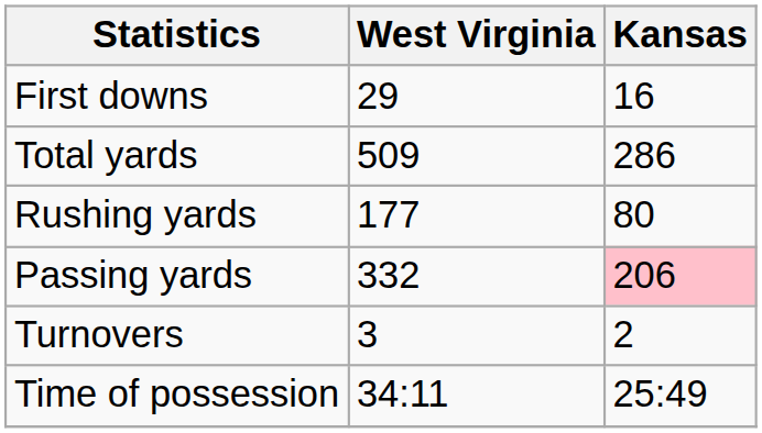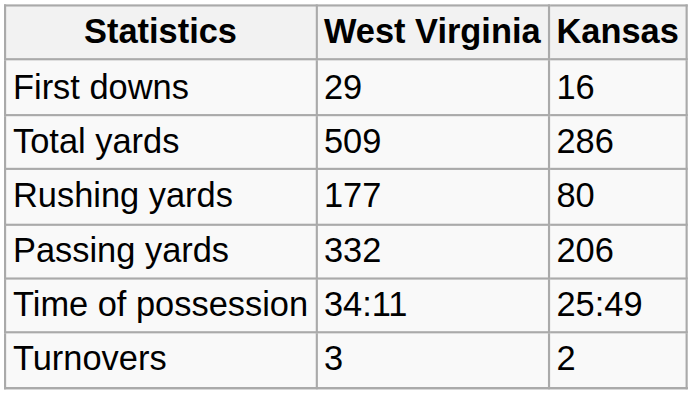 <table class="wikitable" style="float: left;">
 <tr>
 <th>Statistics</th>
 <th>West Virginia</th>
 <th>Kansas</th>
 </tr>
 <tr>
 <td>First downs</td>
 <td>29</td>
 <td>16</td>
 </tr>
 <tr>
 <td>Total yards</td>
 <td>509</td>
 <td>286</td>
 </tr>
 <tr>
 <td>Rushing yards</td>
 <td>177</td>
 <td>80</td>
 </tr>
 <tr>
 <td>Passing yards</td>
 <td>332</td>
-<td style="background: pink;">206</td>
+<td>206</td>
+</tr>
+<tr>
+<td>Time of possession</td>
+<td>34:11</td>
+<td>25:49</td>
 </tr>
 <tr>
 <td>Turnovers</td>
 <td>3</td>
 <td>2</td>
 </tr>
 <tr>
-<td>Time of possession</td>
-<td>34:11</td>
-<td>25:49</td>
-</tr>
-<tr>
 </tr>
 </table>
